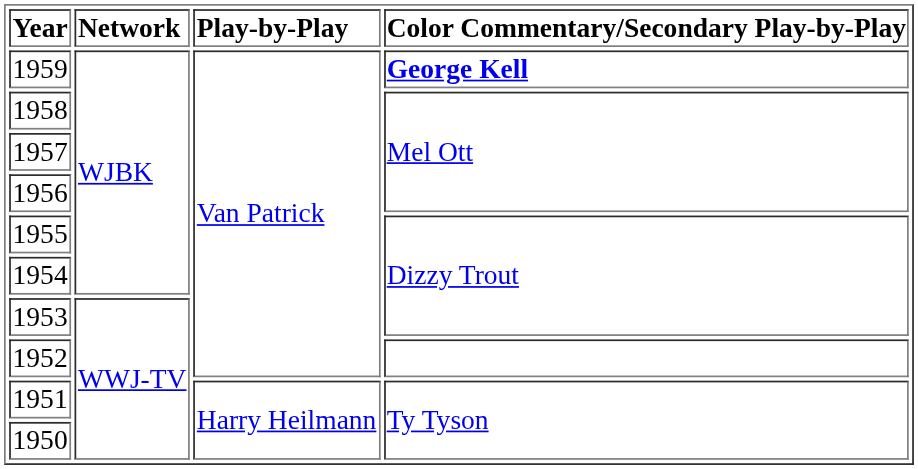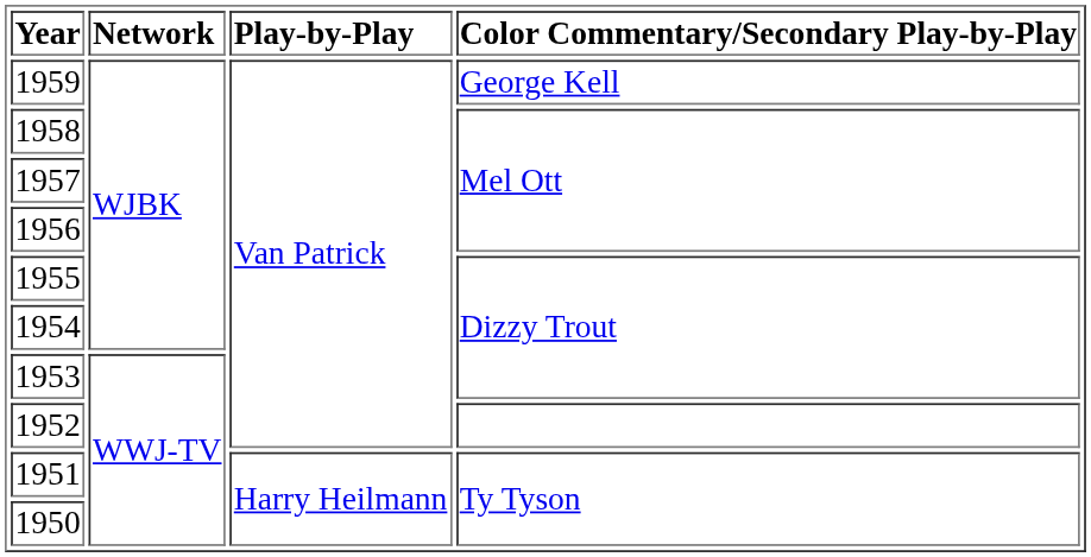 <table border="1" cellpadding="1">
 <tr>
 <td><strong>Year</strong></td>
 <td><strong>Network</strong></td>
 <td><strong>Play-by-Play</strong></td>
 <td><strong>Color Commentary/Secondary Play-by-Play</strong></td>
 </tr>
 <tr>
 <td>1959</td>
 <td rowspan=6><a href='#'>WJBK</a></td>
 <td rowspan=8><a href='#'>Van Patrick</a></td>
-<td><strong><a href='#'>George Kell</a></strong></td>
+<td><a href='#'>George Kell</a></td>
 </tr>
 <tr>
 <td>1958</td>
 <td rowspan=3><a href='#'>Mel Ott</a></td>
 </tr>
 <tr>
 <td>1957</td>
 </tr>
 <tr>
 <td>1956</td>
 </tr>
 <tr>
 <td>1955</td>
 <td rowspan=3><a href='#'>Dizzy Trout</a></td>
 </tr>
 <tr>
 <td>1954</td>
 </tr>
 <tr>
 <td>1953</td>
 <td rowspan=4><a href='#'>WWJ-TV</a></td>
 </tr>
 <tr>
 <td>1952</td>
 <td></td>
 </tr>
 <tr>
 <td>1951</td>
 <td rowspan=2><a href='#'>Harry Heilmann</a></td>
 <td rowspan=2><a href='#'>Ty Tyson</a></td>
 </tr>
 <tr>
 <td>1950</td>
 </tr>
 </table>
